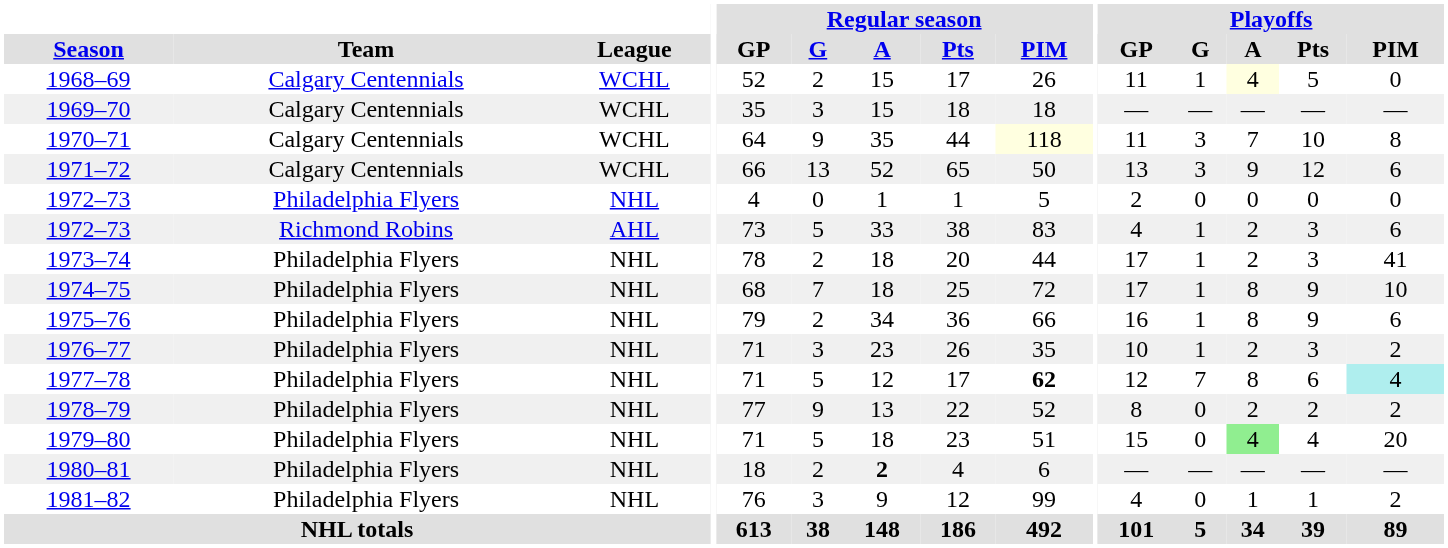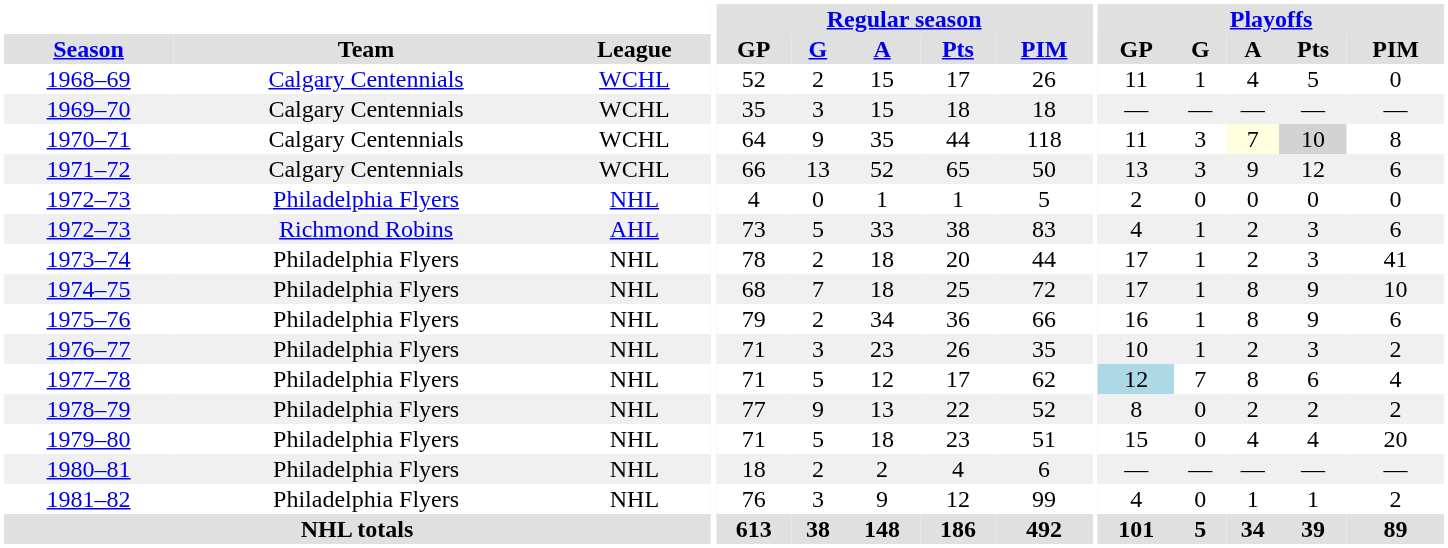 <table border="0" cellpadding="1" cellspacing="0" style="text-align:center; width:60em">
 <tr bgcolor="#e0e0e0">
 <th colspan="3" bgcolor="#ffffff"></th>
 <th rowspan="100" bgcolor="#ffffff"></th>
 <th colspan="5"><a href='#'>Regular season</a></th>
 <th rowspan="100" bgcolor="#ffffff"></th>
 <th colspan="5"><a href='#'>Playoffs</a></th>
 </tr>
 <tr bgcolor="#e0e0e0">
 <th><a href='#'>Season</a></th>
 <th>Team</th>
 <th>League</th>
 <th>GP</th>
 <th><a href='#'>G</a></th>
 <th><a href='#'>A</a></th>
 <th><a href='#'>Pts</a></th>
 <th><a href='#'>PIM</a></th>
 <th>GP</th>
 <th>G</th>
 <th>A</th>
 <th>Pts</th>
 <th>PIM</th>
 </tr>
 <tr>
 <td><a href='#'>1968–69</a></td>
 <td><a href='#'>Calgary Centennials</a></td>
 <td><a href='#'>WCHL</a></td>
 <td>52</td>
 <td>2</td>
 <td>15</td>
 <td>17</td>
 <td>26</td>
 <td>11</td>
 <td>1</td>
-<td style="background: lightyellow;">4</td>
+<td>4</td>
 <td>5</td>
 <td>0</td>
 </tr>
 <tr bgcolor="#f0f0f0">
 <td><a href='#'>1969–70</a></td>
 <td>Calgary Centennials</td>
 <td>WCHL</td>
 <td>35</td>
 <td>3</td>
 <td>15</td>
 <td>18</td>
 <td>18</td>
 <td>—</td>
 <td>—</td>
 <td>—</td>
 <td>—</td>
 <td>—</td>
 </tr>
 <tr>
 <td><a href='#'>1970–71</a></td>
 <td>Calgary Centennials</td>
 <td>WCHL</td>
 <td>64</td>
 <td>9</td>
 <td>35</td>
 <td>44</td>
-<td style="background: lightyellow;">118</td>
+<td>118</td>
 <td>11</td>
 <td>3</td>
-<td>7</td>
-<td>10</td>
+<td style="background: lightyellow;">7</td>
+<td style="background: lightgrey;">10</td>
 <td>8</td>
 </tr>
 <tr bgcolor="#f0f0f0">
 <td><a href='#'>1971–72</a></td>
 <td>Calgary Centennials</td>
 <td>WCHL</td>
 <td>66</td>
 <td>13</td>
 <td>52</td>
 <td>65</td>
 <td>50</td>
 <td>13</td>
 <td>3</td>
 <td>9</td>
 <td>12</td>
 <td>6</td>
 </tr>
 <tr>
 <td><a href='#'>1972–73</a></td>
 <td><a href='#'>Philadelphia Flyers</a></td>
 <td><a href='#'>NHL</a></td>
 <td>4</td>
 <td>0</td>
 <td>1</td>
 <td>1</td>
 <td>5</td>
 <td>2</td>
 <td>0</td>
 <td>0</td>
 <td>0</td>
 <td>0</td>
 </tr>
 <tr bgcolor="#f0f0f0">
 <td><a href='#'>1972–73</a></td>
 <td><a href='#'>Richmond Robins</a></td>
 <td><a href='#'>AHL</a></td>
 <td>73</td>
 <td>5</td>
 <td>33</td>
 <td>38</td>
 <td>83</td>
 <td>4</td>
 <td>1</td>
 <td>2</td>
 <td>3</td>
 <td>6</td>
 </tr>
 <tr>
 <td><a href='#'>1973–74</a></td>
 <td>Philadelphia Flyers</td>
 <td>NHL</td>
 <td>78</td>
 <td>2</td>
 <td>18</td>
 <td>20</td>
 <td>44</td>
 <td>17</td>
 <td>1</td>
 <td>2</td>
 <td>3</td>
 <td>41</td>
 </tr>
 <tr bgcolor="#f0f0f0">
 <td><a href='#'>1974–75</a></td>
 <td>Philadelphia Flyers</td>
 <td>NHL</td>
 <td>68</td>
 <td>7</td>
 <td>18</td>
 <td>25</td>
 <td>72</td>
 <td>17</td>
 <td>1</td>
 <td>8</td>
 <td>9</td>
 <td>10</td>
 </tr>
 <tr>
 <td><a href='#'>1975–76</a></td>
 <td>Philadelphia Flyers</td>
 <td>NHL</td>
 <td>79</td>
 <td>2</td>
 <td>34</td>
 <td>36</td>
 <td>66</td>
 <td>16</td>
 <td>1</td>
 <td>8</td>
 <td>9</td>
 <td>6</td>
 </tr>
 <tr bgcolor="#f0f0f0">
 <td><a href='#'>1976–77</a></td>
 <td>Philadelphia Flyers</td>
 <td>NHL</td>
 <td>71</td>
 <td>3</td>
 <td>23</td>
 <td>26</td>
 <td>35</td>
 <td>10</td>
 <td>1</td>
 <td>2</td>
 <td>3</td>
 <td>2</td>
 </tr>
 <tr>
 <td><a href='#'>1977–78</a></td>
 <td>Philadelphia Flyers</td>
 <td>NHL</td>
 <td>71</td>
 <td>5</td>
 <td>12</td>
 <td>17</td>
-<td><strong>62</strong></td>
-<td>12</td>
+<td>62</td>
+<td style="background: lightblue;">12</td>
 <td>7</td>
 <td>8</td>
 <td>6</td>
-<td style="background: paleturquoise;">4</td>
+<td>4</td>
 </tr>
 <tr bgcolor="#f0f0f0">
 <td><a href='#'>1978–79</a></td>
 <td>Philadelphia Flyers</td>
 <td>NHL</td>
 <td>77</td>
 <td>9</td>
 <td>13</td>
 <td>22</td>
 <td>52</td>
 <td>8</td>
 <td>0</td>
 <td>2</td>
 <td>2</td>
 <td>2</td>
 </tr>
 <tr>
 <td><a href='#'>1979–80</a></td>
 <td>Philadelphia Flyers</td>
 <td>NHL</td>
 <td>71</td>
 <td>5</td>
 <td>18</td>
 <td>23</td>
 <td>51</td>
 <td>15</td>
 <td>0</td>
-<td style="background: lightgreen;">4</td>
+<td>4</td>
 <td>4</td>
 <td>20</td>
 </tr>
 <tr bgcolor="#f0f0f0">
 <td><a href='#'>1980–81</a></td>
 <td>Philadelphia Flyers</td>
 <td>NHL</td>
 <td>18</td>
 <td>2</td>
-<td><strong>2</strong></td>
+<td>2</td>
 <td>4</td>
 <td>6</td>
 <td>—</td>
 <td>—</td>
 <td>—</td>
 <td>—</td>
 <td>—</td>
 </tr>
 <tr>
 <td><a href='#'>1981–82</a></td>
 <td>Philadelphia Flyers</td>
 <td>NHL</td>
 <td>76</td>
 <td>3</td>
 <td>9</td>
 <td>12</td>
 <td>99</td>
 <td>4</td>
 <td>0</td>
 <td>1</td>
 <td>1</td>
 <td>2</td>
 </tr>
 <tr bgcolor="#e0e0e0">
 <th colspan="3">NHL totals</th>
 <th>613</th>
 <th>38</th>
 <th>148</th>
 <th>186</th>
 <th>492</th>
 <th>101</th>
 <th>5</th>
 <th>34</th>
 <th>39</th>
 <th>89</th>
 </tr>
 </table>
